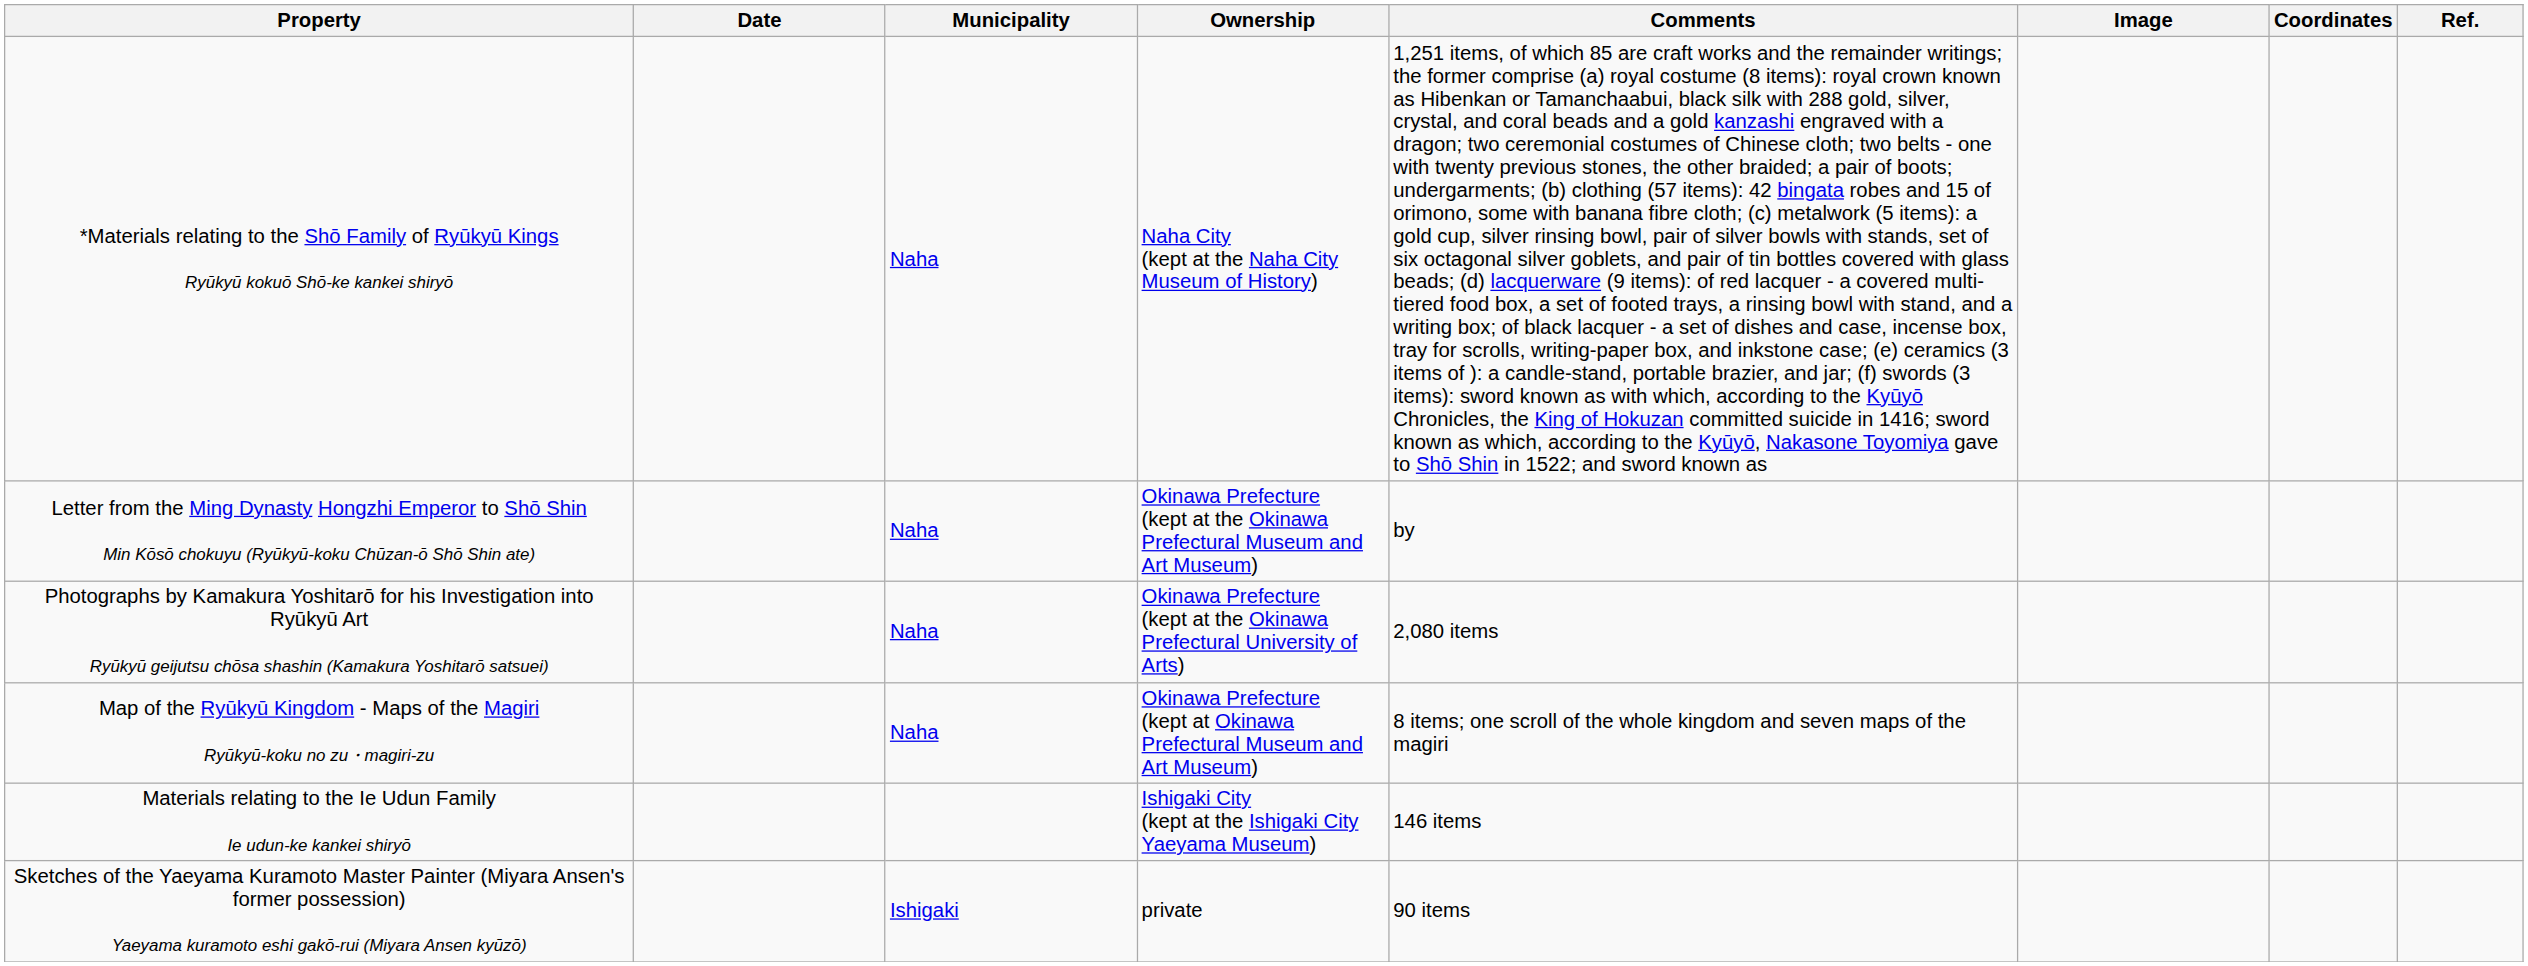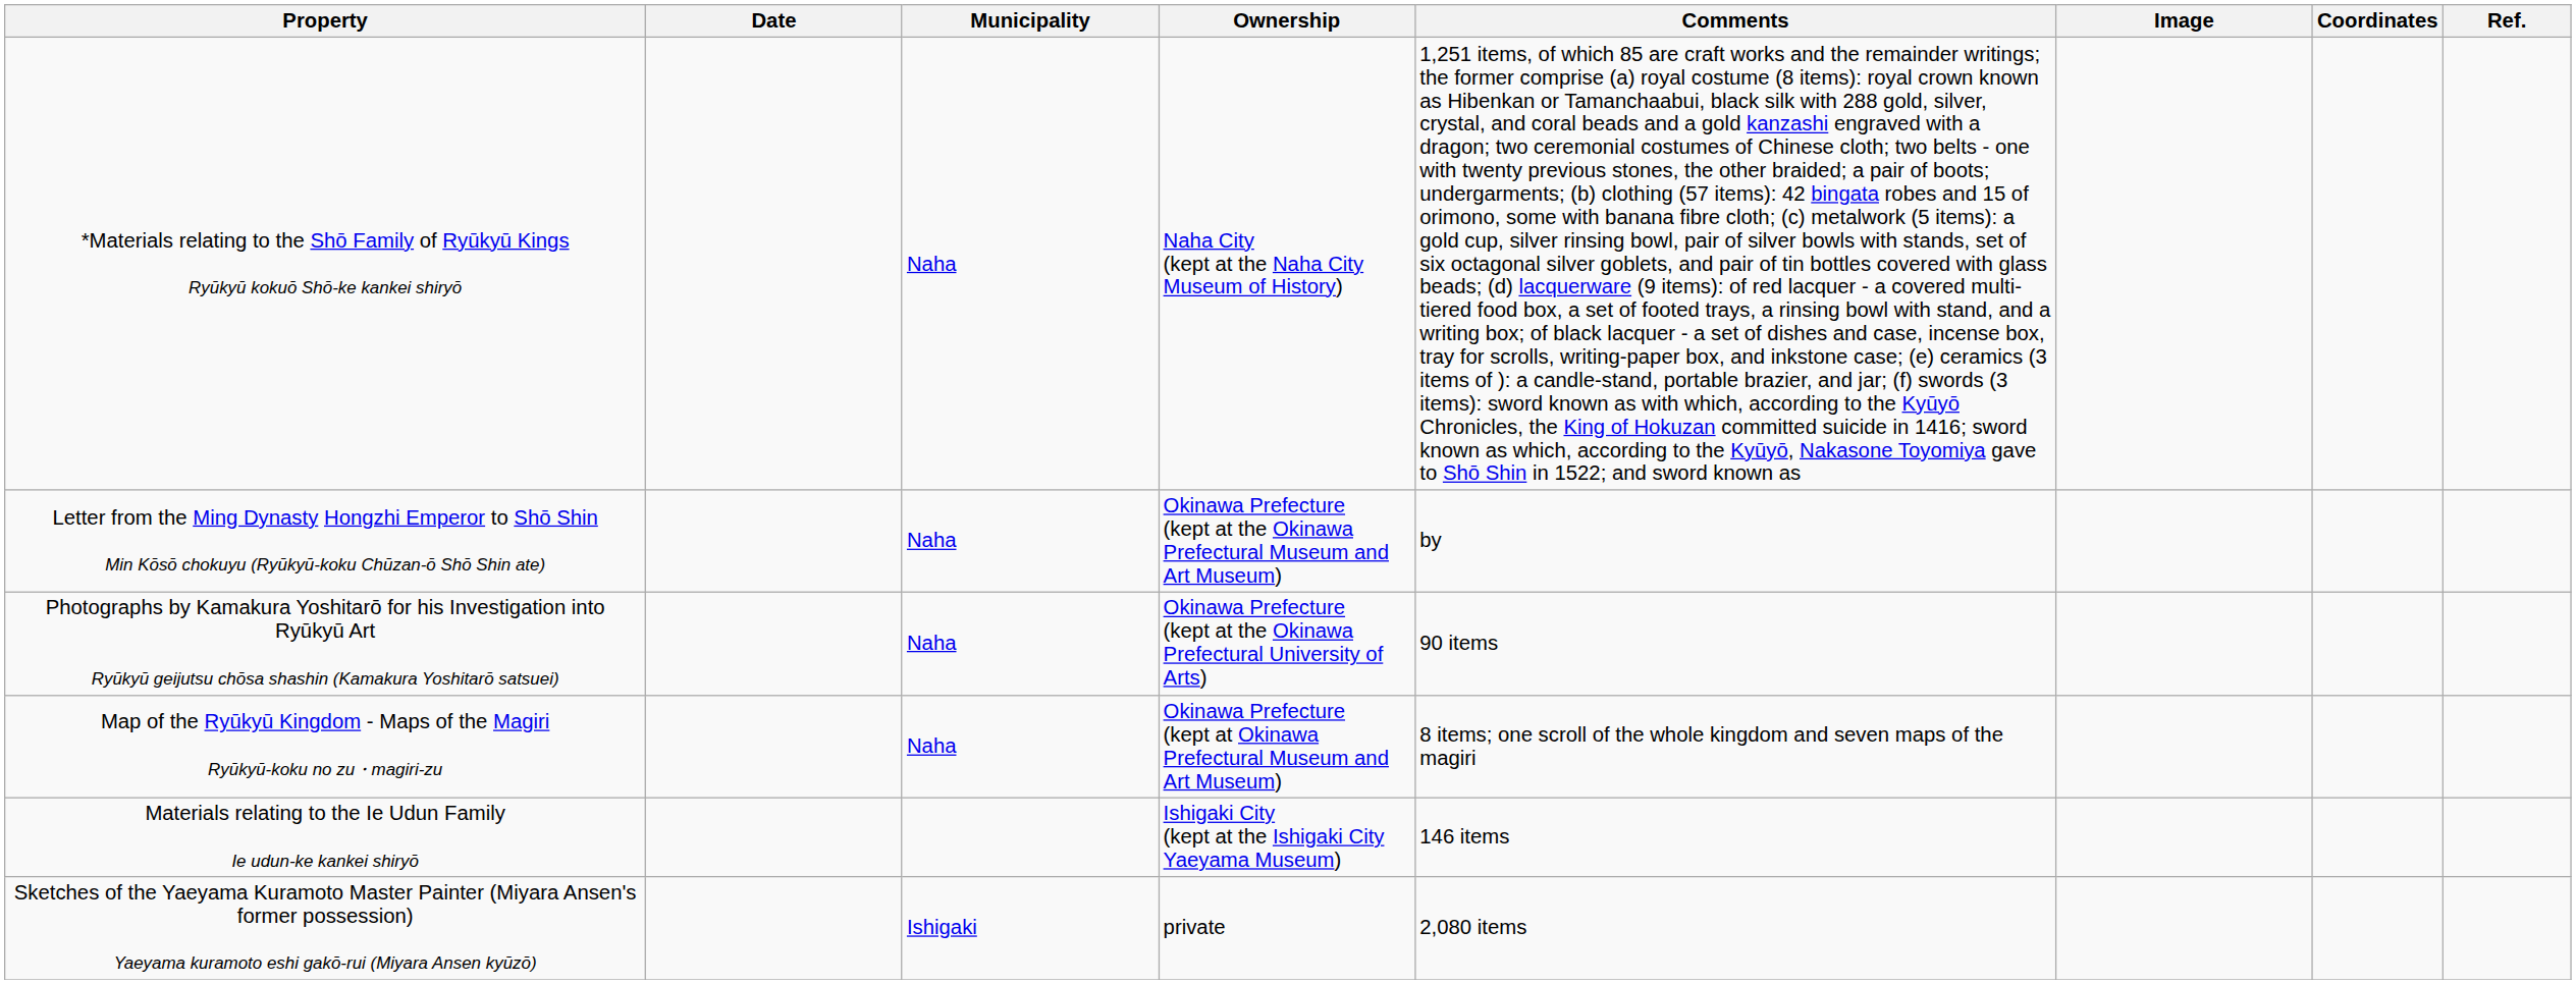 <table class="wikitable sortable"  style="width:100%;">
 <tr>
 <th width="25%" align="left">Property</th>
 <th width="10%" align="left" data-sort-type="number">Date</th>
 <th width="10%" align="left">Municipality</th>
 <th width="10%" align="left">Ownership</th>
 <th width="25%" align="left" class="unsortable">Comments</th>
 <th width="10%" align="left" class="unsortable">Image</th>
 <th width="5%" align="left" class="unsortable">Coordinates</th>
 <th width="5%" align="left" class="unsortable">Ref.</th>
 </tr>
 <tr>
 <td align="center">*Materials relating to the <a href='#'>Shō Family</a> of <a href='#'>Ryūkyū Kings</a><br><br><small><em>Ryūkyū kokuō Shō-ke kankei shiryō</em></small></td>
 <td></td>
 <td><a href='#'>Naha</a></td>
 <td><a href='#'>Naha City</a><br>(kept at the <a href='#'>Naha City Museum of History</a>)</td>
 <td>1,251 items, of which 85 are craft works and the remainder writings; the former comprise (a) royal costume (8 items): royal crown known as Hibenkan or Tamanchaabui, black silk with 288 gold, silver, crystal, and coral beads and a gold <a href='#'>kanzashi</a> engraved with a dragon; two ceremonial costumes of Chinese cloth; two belts - one with twenty previous stones, the other braided; a pair of boots; undergarments; (b) clothing (57 items): 42 <a href='#'>bingata</a> robes and 15 of orimono, some with banana fibre cloth; (c) metalwork (5 items): a gold cup, silver rinsing bowl, pair of silver bowls with stands, set of six octagonal silver goblets, and pair of tin bottles covered with glass beads; (d) <a href='#'>lacquerware</a> (9 items): of red lacquer - a covered multi-tiered food box, a set of footed trays, a rinsing bowl with stand, and a writing box; of black lacquer - a set of dishes and case, incense box, tray for scrolls, writing-paper box, and inkstone case; (e) ceramics (3 items of ): a candle-stand, portable brazier, and jar; (f) swords (3 items): sword known as  with which, according to the <a href='#'>Kyūyō</a> Chronicles, the <a href='#'>King of Hokuzan</a> committed suicide in 1416; sword known as  which, according to the <a href='#'>Kyūyō</a>, <a href='#'>Nakasone Toyomiya</a> gave to <a href='#'>Shō Shin</a> in 1522; and sword known as </td>
 <td></td>
 <td></td>
 <td></td>
 </tr>
 <tr>
 <td align="center">Letter from the <a href='#'>Ming Dynasty</a> <a href='#'>Hongzhi Emperor</a> to <a href='#'>Shō Shin</a><br><br><small><em>Min Kōsō chokuyu (Ryūkyū-koku Chūzan-ō Shō Shin ate)</em></small></td>
 <td></td>
 <td><a href='#'>Naha</a></td>
 <td><a href='#'>Okinawa Prefecture</a><br>(kept at the <a href='#'>Okinawa Prefectural Museum and Art Museum</a>)</td>
 <td> by </td>
 <td></td>
 <td></td>
 <td></td>
 </tr>
 <tr>
 <td align="center">Photographs by Kamakura Yoshitarō for his Investigation into Ryūkyū Art<br><br><small><em>Ryūkyū geijutsu chōsa shashin (Kamakura Yoshitarō satsuei)</em></small></td>
 <td></td>
 <td><a href='#'>Naha</a></td>
 <td><a href='#'>Okinawa Prefecture</a><br>(kept at the <a href='#'>Okinawa Prefectural University of Arts</a>)</td>
-<td>2,080 items</td>
+<td>90 items</td>
 <td></td>
 <td></td>
 <td></td>
 </tr>
 <tr>
 <td align="center">Map of the <a href='#'>Ryūkyū Kingdom</a> - Maps of the <a href='#'>Magiri</a><br><br><small><em>Ryūkyū-koku no zu・magiri-zu</em></small></td>
 <td></td>
 <td><a href='#'>Naha</a></td>
 <td><a href='#'>Okinawa Prefecture</a><br>(kept at <a href='#'>Okinawa Prefectural Museum and Art Museum</a>)</td>
 <td>8 items; one scroll of the whole kingdom and seven maps of the magiri</td>
 <td></td>
 <td></td>
 <td></td>
 </tr>
 <tr>
 <td align="center">Materials relating to the Ie Udun Family<br><br><small><em>Ie udun-ke kankei shiryō</em></small></td>
 <td></td>
 <td></td>
 <td><a href='#'>Ishigaki City</a><br>(kept at the <a href='#'>Ishigaki City Yaeyama Museum</a>)</td>
 <td>146 items</td>
 <td></td>
 <td></td>
 <td></td>
 </tr>
 <tr>
 <td align="center">Sketches of the Yaeyama Kuramoto Master Painter (Miyara Ansen's former possession)<br><br><small><em>Yaeyama kuramoto eshi gakō-rui (Miyara Ansen kyūzō)</em></small></td>
 <td></td>
 <td><a href='#'>Ishigaki</a></td>
 <td>private</td>
-<td>90 items</td>
+<td>2,080 items</td>
 <td></td>
 <td></td>
 <td></td>
 </tr>
 <tr>
 </tr>
 </table>
